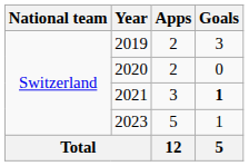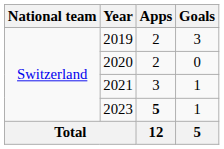 <table class=wikitable style=text-align:center>
 <tr>
 <th>National team</th>
 <th>Year</th>
 <th>Apps</th>
 <th>Goals</th>
 </tr>
 <tr>
 <td rowspan="4"><a href='#'>Switzerland</a></td>
 <td>2019</td>
 <td>2</td>
 <td>3</td>
 </tr>
 <tr>
 <td>2020</td>
 <td>2</td>
 <td>0</td>
 </tr>
 <tr>
 <td>2021</td>
 <td>3</td>
-<td><strong>1</strong></td>
+<td>1</td>
 </tr>
 <tr>
 <td>2023</td>
-<td>5</td>
+<td><strong>5</strong></td>
 <td>1</td>
 </tr>
 <tr>
 <th colspan="2">Total</th>
 <th>12</th>
 <th>5</th>
 </tr>
 </table>
